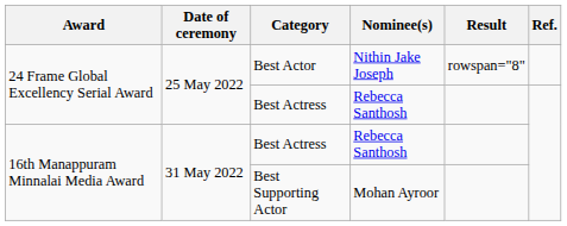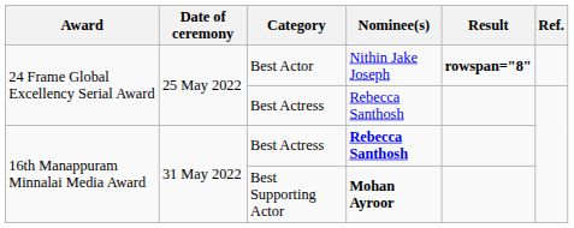 <table class="wikitable plainrowheaders sortable">
 <tr>
 <th scope="col">Award</th>
 <th scope="col">Date of ceremony</th>
 <th scope="col">Category</th>
 <th scope="col">Nominee(s)</th>
 <th scope="col" class="unsortable">Result</th>
 <th scope="col" class="unsortable">Ref.</th>
 </tr>
 <tr>
 <td rowspan="2">24 Frame Global Excellency Serial Award</td>
 <td rowspan="2">25 May 2022</td>
 <td>Best Actor</td>
 <td><a href='#'>Nithin Jake Joseph</a></td>
-<td>rowspan="8" </td>
+<td><strong>rowspan="8" </strong></td>
 <td></td>
 </tr>
 <tr>
 <td>Best Actress</td>
 <td><a href='#'>Rebecca Santhosh</a></td>
 <td></td>
 </tr>
 <tr>
 <td rowspan="2">16th Manappuram Minnalai Media Award</td>
 <td rowspan="2">31 May 2022</td>
 <td>Best Actress</td>
-<td><a href='#'>Rebecca Santhosh</a></td>
+<td><strong><a href='#'>Rebecca Santhosh</a></strong></td>
 <td></td>
 </tr>
 <tr>
 <td>Best Supporting Actor</td>
-<td>Mohan Ayroor</td>
+<td><strong>Mohan Ayroor</strong></td>
 <td></td>
 </tr>
 </table>
